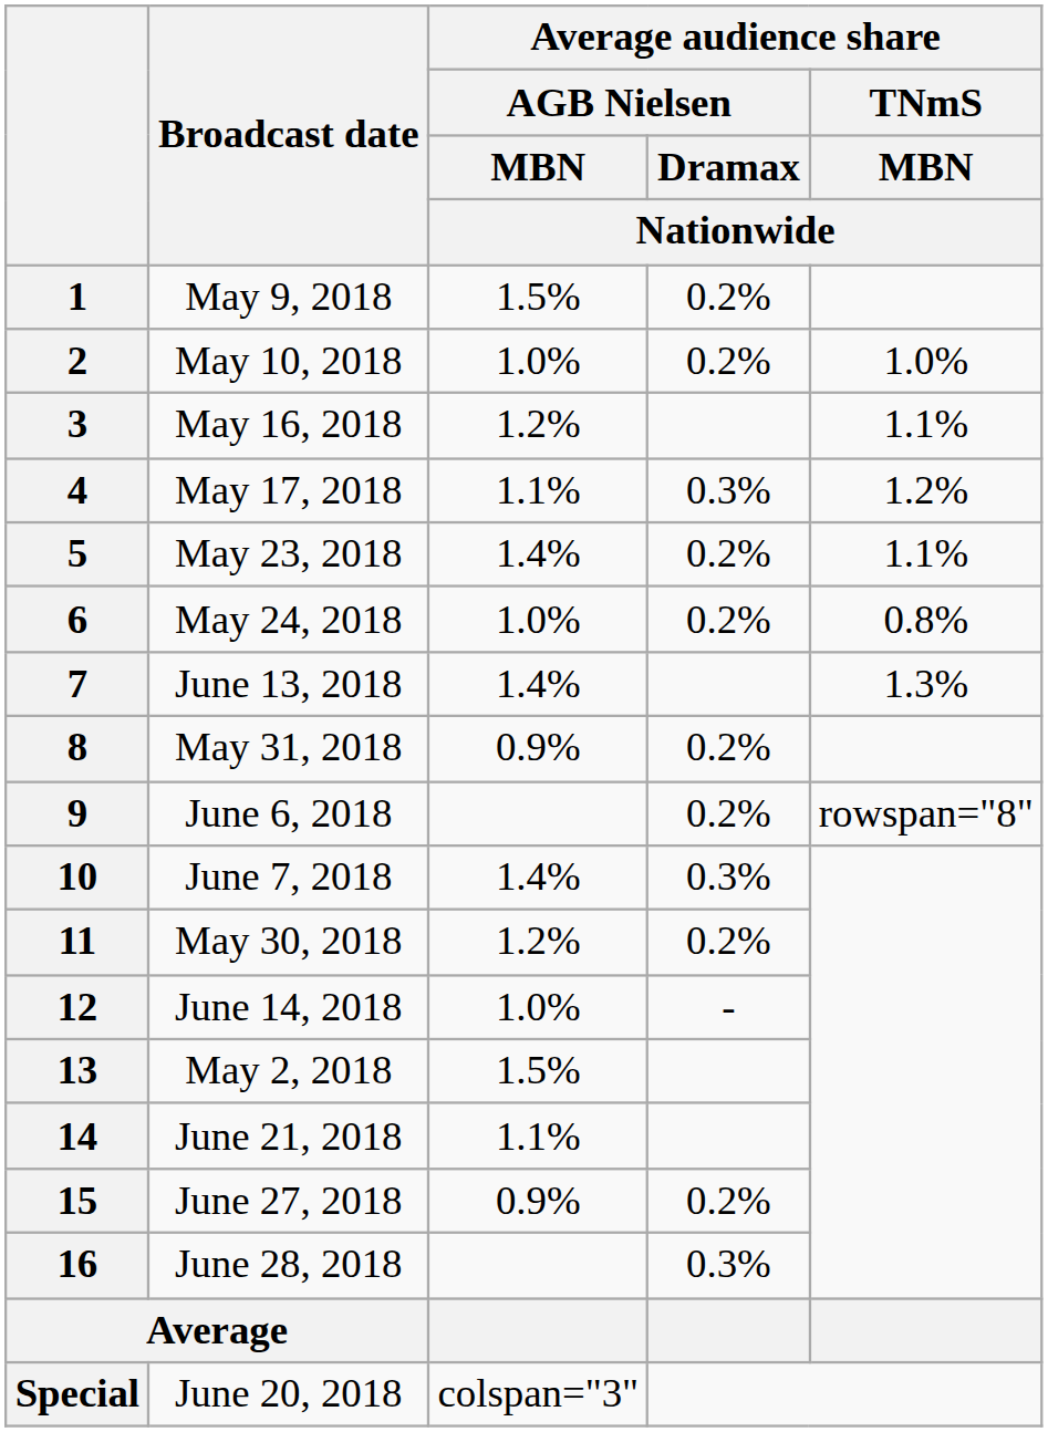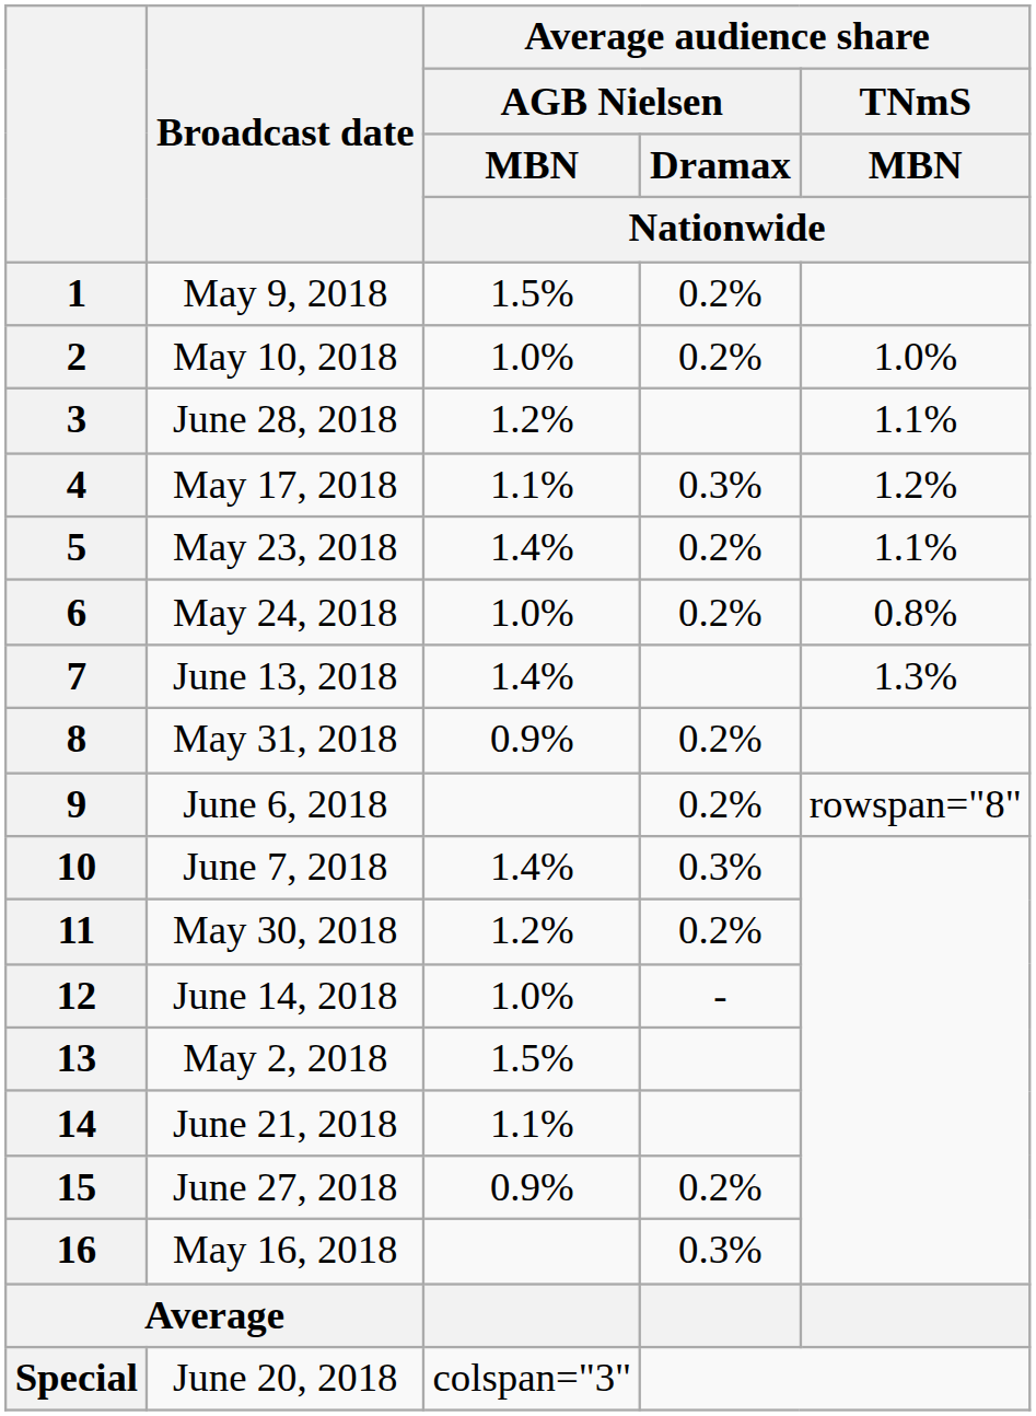 <table class="wikitable"  style="text-align:center">
 <tr>
 <th rowspan="4"></th>
 <th rowspan="4">Broadcast date</th>
 <th colspan="3">Average audience share</th>
 </tr>
 <tr>
 <th colspan="2"><strong>AGB Nielsen</strong></th>
 <th>TNmS</th>
 </tr>
 <tr>
 <th><strong>MBN</strong></th>
 <th><strong>Dramax</strong></th>
 <th><strong>MBN</strong></th>
 </tr>
 <tr>
 <th colspan="3">Nationwide</th>
 </tr>
 <tr>
 <th>1</th>
 <td>May 9, 2018</td>
 <td>1.5%</td>
 <td>0.2%</td>
 <td></td>
 </tr>
 <tr>
 <th>2</th>
 <td>May 10, 2018</td>
 <td>1.0%</td>
 <td>0.2%</td>
 <td>1.0%</td>
 </tr>
 <tr>
 <th>3</th>
-<td>May 16, 2018</td>
+<td>June 28, 2018</td>
 <td>1.2%</td>
 <td></td>
 <td>1.1%</td>
 </tr>
 <tr>
 <th>4</th>
 <td>May 17, 2018</td>
 <td>1.1%</td>
 <td>0.3%</td>
 <td>1.2%</td>
 </tr>
 <tr>
 <th>5</th>
 <td>May 23, 2018</td>
 <td>1.4%</td>
 <td>0.2%</td>
 <td>1.1%</td>
 </tr>
 <tr>
 <th>6</th>
 <td>May 24, 2018</td>
 <td>1.0%</td>
 <td>0.2%</td>
 <td>0.8%</td>
 </tr>
 <tr>
 <th>7</th>
 <td>June 13, 2018</td>
 <td>1.4%</td>
 <td></td>
 <td>1.3%</td>
 </tr>
 <tr>
 <th>8</th>
 <td>May 31, 2018</td>
 <td>0.9%</td>
 <td>0.2%</td>
 <td></td>
 </tr>
 <tr>
 <th>9</th>
 <td>June 6, 2018</td>
 <td></td>
 <td>0.2%</td>
 <td>rowspan="8" </td>
 </tr>
 <tr>
 <th>10</th>
 <td>June 7, 2018</td>
 <td>1.4%</td>
 <td>0.3%</td>
 </tr>
 <tr>
 <th>11</th>
 <td>May 30, 2018</td>
 <td>1.2%</td>
 <td>0.2%</td>
 </tr>
 <tr>
 <th>12</th>
 <td>June 14, 2018</td>
 <td>1.0%</td>
 <td>-</td>
 </tr>
 <tr>
 <th>13</th>
 <td>May 2, 2018</td>
 <td>1.5%</td>
 <td></td>
 </tr>
 <tr>
 <th>14</th>
 <td>June 21, 2018</td>
 <td>1.1%</td>
 <td></td>
 </tr>
 <tr>
 <th>15</th>
 <td>June 27, 2018</td>
 <td>0.9%</td>
 <td>0.2%</td>
 </tr>
 <tr>
 <th>16</th>
-<td>June 28, 2018</td>
+<td>May 16, 2018</td>
 <td></td>
 <td>0.3%</td>
 </tr>
 <tr>
 <th colspan="2">Average</th>
 <th></th>
 <th></th>
 <th></th>
 </tr>
 <tr>
 <th>Special</th>
 <td>June 20, 2018</td>
 <td>colspan="3" </td>
 </tr>
 </table>
